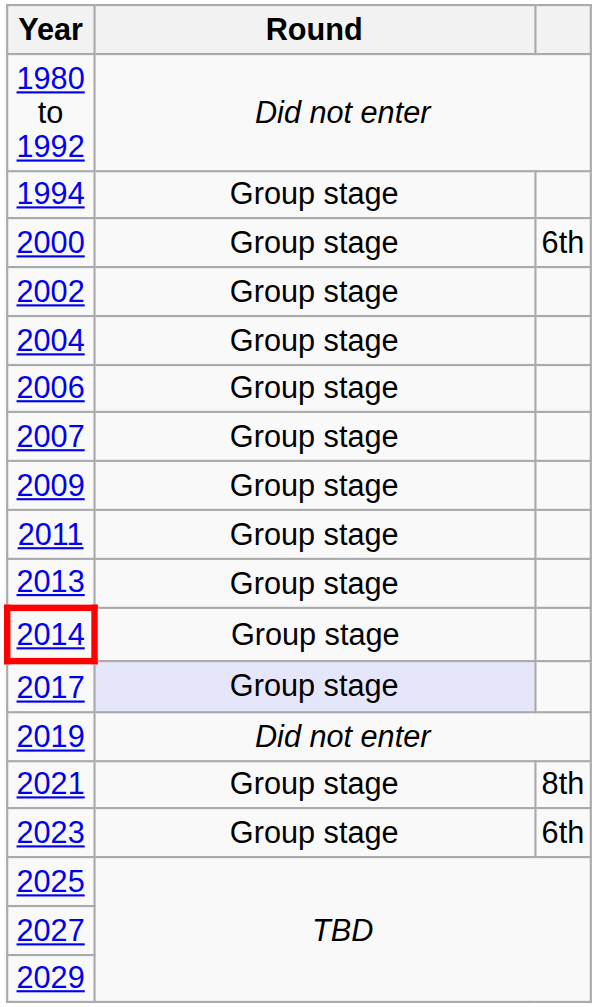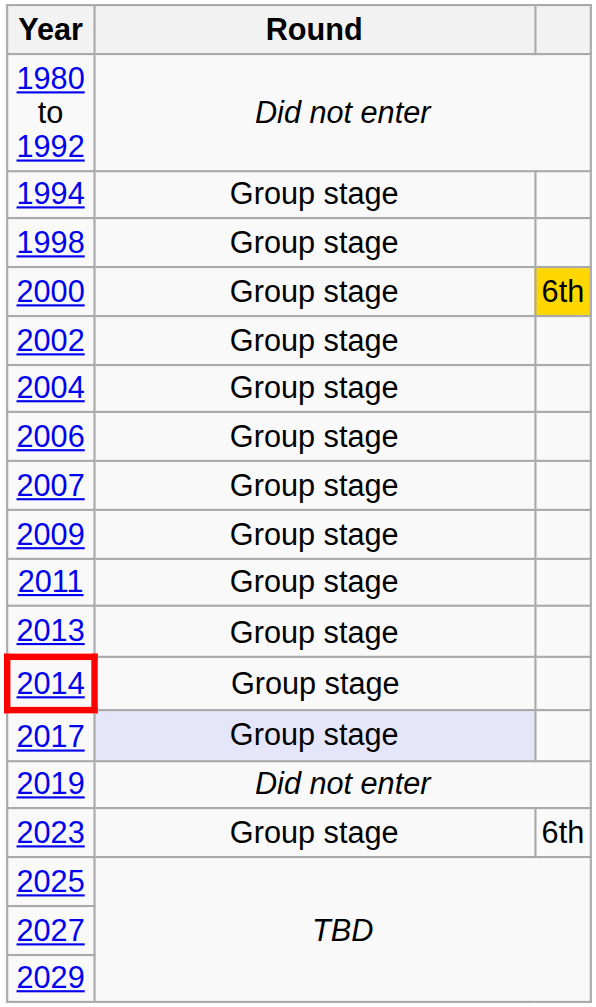 <table class="wikitable" style="text-align: center; font-size:90%">
 <tr>
 <th>Year</th>
 <th style="width:200px">Round</th>
 <th></th>
 </tr>
 <tr>
 <td><a href='#'>1980</a><br>to<br><a href='#'>1992</a></td>
 <td colspan="2"><em>Did not enter</em></td>
 </tr>
 <tr>
 <td><a href='#'>1994</a></td>
 <td>Group stage</td>
 <td></td>
 </tr>
 <tr>
+<td><a href='#'>1998</a></td>
+<td>Group stage</td>
+<td></td>
+</tr>
+<tr>
 <td><a href='#'>2000</a></td>
 <td>Group stage</td>
-<td>6th</td>
+<td style="background: gold;">6th</td>
 </tr>
 <tr>
 <td><a href='#'>2002</a></td>
 <td>Group stage</td>
 <td></td>
 </tr>
 <tr>
 <td><a href='#'>2004</a></td>
 <td>Group stage</td>
 <td></td>
 </tr>
 <tr>
 <td><a href='#'>2006</a></td>
 <td>Group stage</td>
 <td></td>
 </tr>
 <tr>
 <td><a href='#'>2007</a></td>
 <td>Group stage</td>
 <td></td>
 </tr>
 <tr>
 <td><a href='#'>2009</a></td>
 <td>Group stage</td>
 <td></td>
 </tr>
 <tr>
 <td><a href='#'>2011</a></td>
 <td>Group stage</td>
 <td></td>
 </tr>
 <tr>
 <td><a href='#'>2013</a></td>
 <td>Group stage</td>
 <td></td>
 </tr>
 <tr>
 <td style="border: 3px solid red"><a href='#'>2014</a></td>
 <td>Group stage</td>
 <td></td>
 </tr>
 <tr>
 <td><a href='#'>2017</a></td>
 <td style="background: lavender;">Group stage</td>
 <td></td>
 </tr>
 <tr>
 <td><a href='#'>2019</a></td>
 <td colspan="2"><em>Did not enter</em></td>
 </tr>
 <tr>
-<td><a href='#'>2021</a></td>
-<td>Group stage</td>
-<td>8th</td>
-</tr>
-<tr>
 <td><a href='#'>2023</a></td>
 <td>Group stage</td>
 <td>6th</td>
 </tr>
 <tr>
 <td><a href='#'>2025</a></td>
 <td colspan="2" rowspan="3"><em>TBD</em></td>
 </tr>
 <tr>
 <td><a href='#'>2027</a></td>
 </tr>
 <tr>
 <td><a href='#'>2029</a></td>
 </tr>
 </table>
